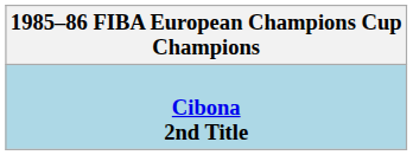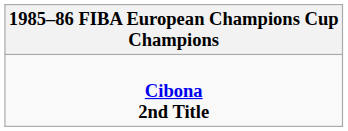 <table class=wikitable style="text-align:center; margin:auto">
 <tr>
 <th>1985–86 FIBA European Champions Cup<br>Champions</th>
 </tr>
 <tr>
-<td style="background: lightblue;"> <br> <strong><a href='#'>Cibona</a></strong> <br> <strong>2nd Title</strong></td>
+<td> <br> <strong><a href='#'>Cibona</a></strong> <br> <strong>2nd Title</strong></td>
 </tr>
 </table>
